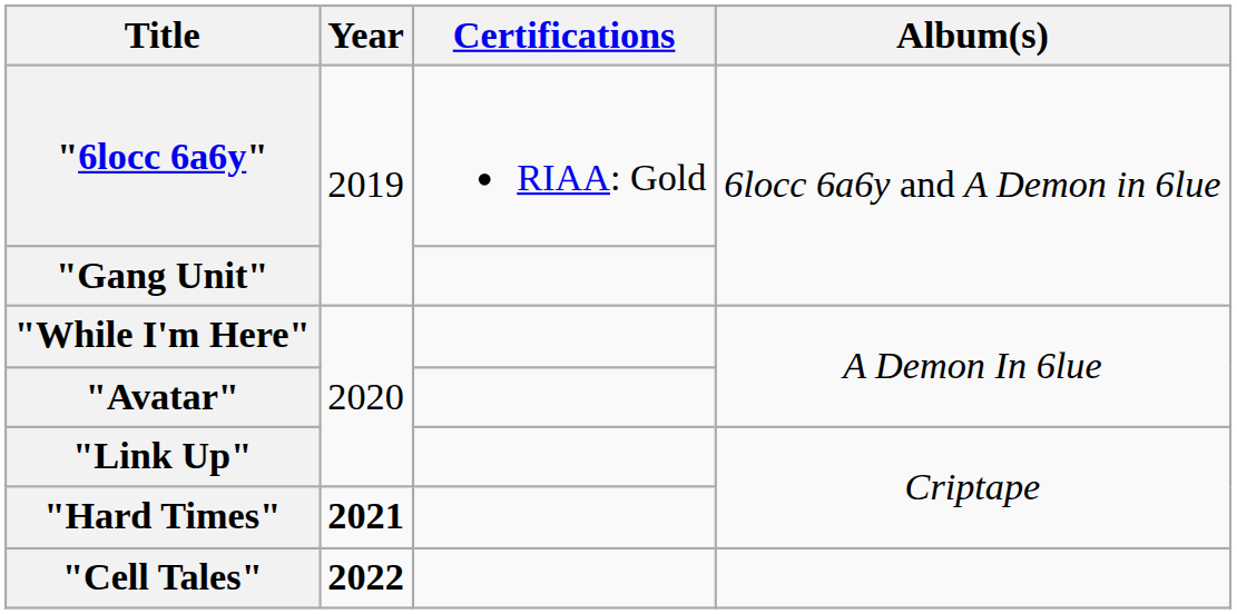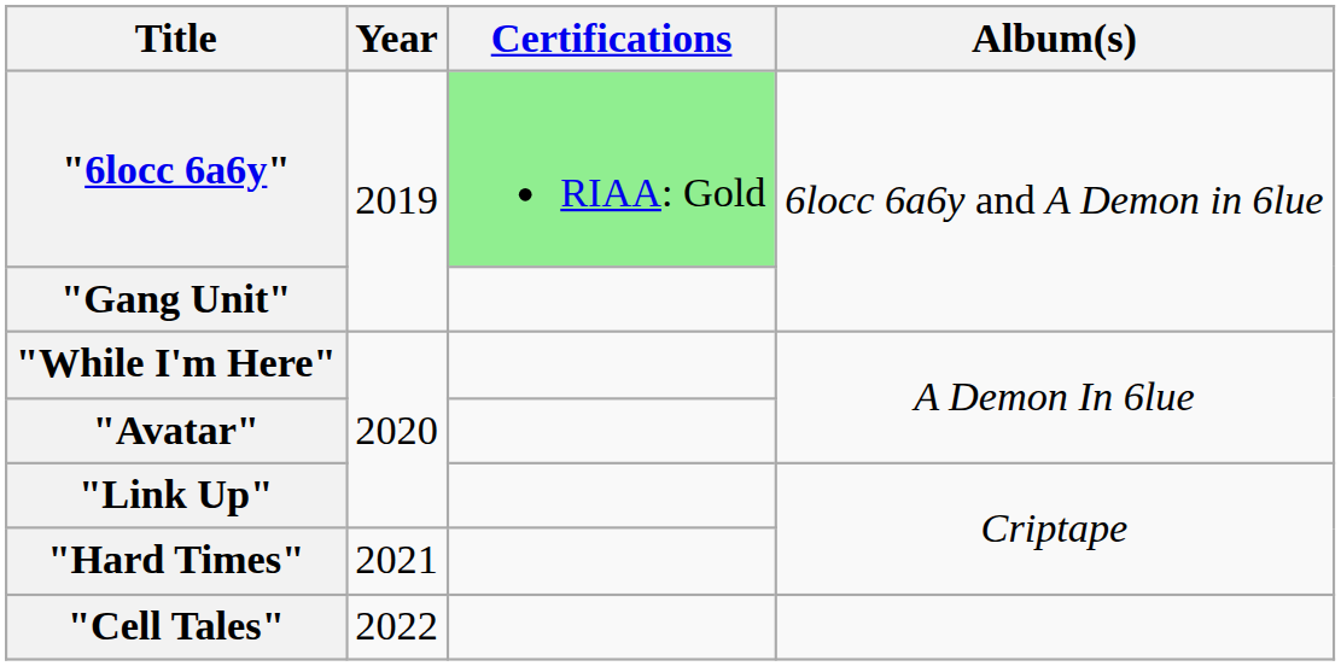 <table class="wikitable plainrowheaders" style="text-align:center;">
 <tr>
 <th>Title</th>
 <th>Year</th>
 <th><a href='#'>Certifications</a></th>
 <th>Album(s)</th>
 </tr>
 <tr>
 <th scope="row">"<a href='#'>6locc 6a6y</a>"<br></th>
 <td rowspan="2">2019</td>
-<td><br><ul><li><a href='#'>RIAA</a>: Gold</li></ul></td>
+<td style="background: lightgreen;"><br><ul><li><a href='#'>RIAA</a>: Gold</li></ul></td>
 <td rowspan="2"><em>6locc 6a6y</em> and <em>A Demon in 6lue</em></td>
 </tr>
 <tr>
 <th scope="row">"Gang Unit"<br></th>
 <td></td>
 </tr>
 <tr>
 <th scope="row">"While I'm Here"<br></th>
 <td rowspan="3">2020</td>
 <td></td>
 <td rowspan="2"><em>A Demon In 6lue</em></td>
 </tr>
 <tr>
 <th scope="row">"Avatar" <br></th>
 <td></td>
 </tr>
 <tr>
 <th scope="row">"Link Up" <br></th>
 <td></td>
 <td rowspan="2"><em>Criptape</em></td>
 </tr>
 <tr>
 <th scope="row">"Hard Times" </th>
-<td rowspan="1"><strong>2021</strong></td>
+<td rowspan="1">2021</td>
 <td></td>
 </tr>
 <tr>
 <th scope="row">"Cell Tales"</th>
-<td rowspan="1"><strong>2022</strong></td>
+<td rowspan="1">2022</td>
 <td></td>
 <td></td>
 </tr>
 </table>
